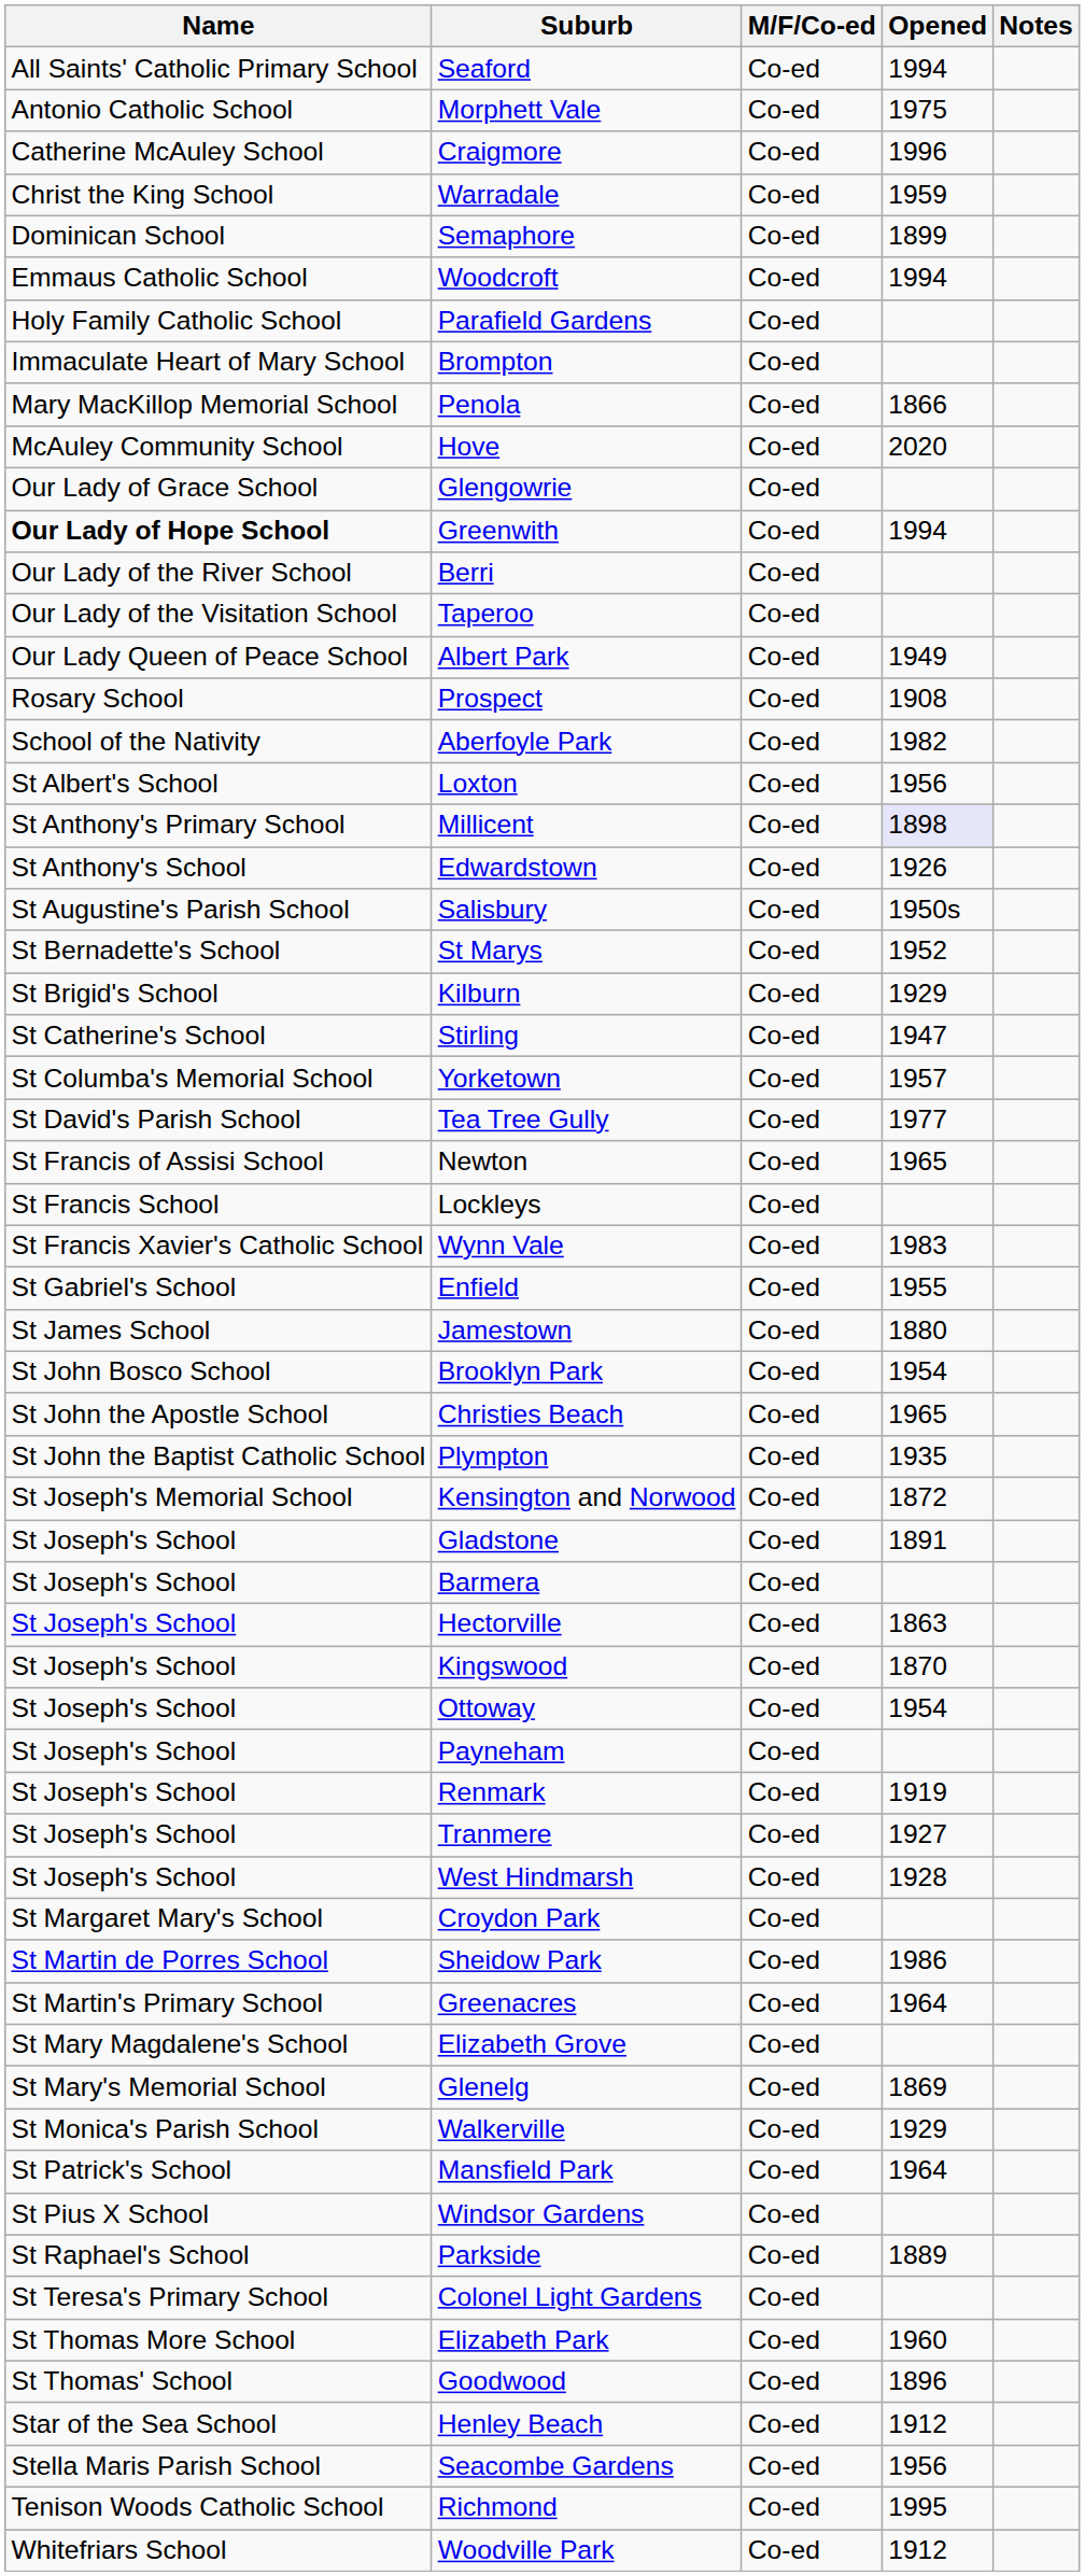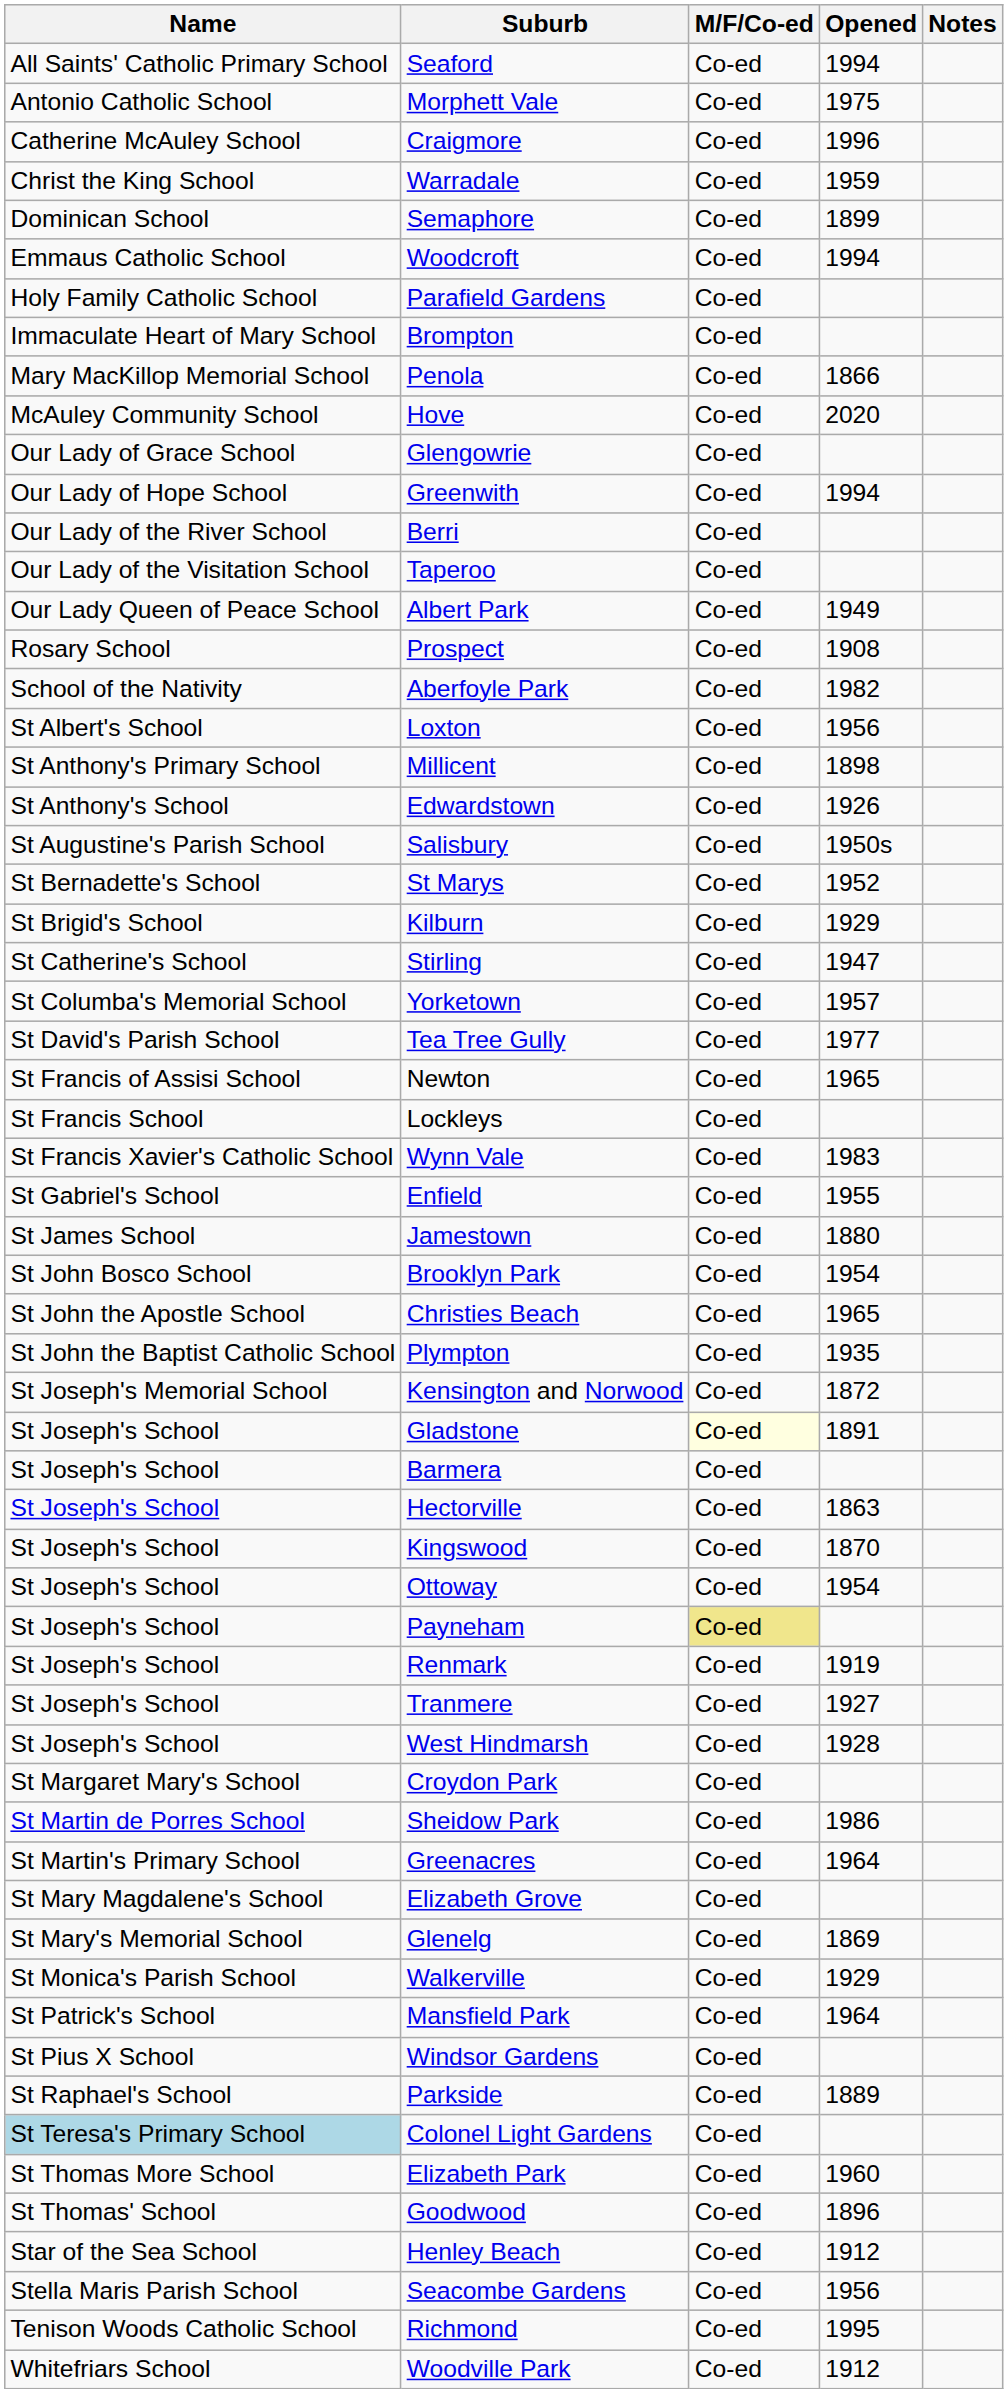 <table class="wikitable sortable">
 <tr>
 <th>Name</th>
 <th>Suburb</th>
 <th>M/F/Co-ed</th>
 <th>Opened</th>
 <th>Notes</th>
 </tr>
 <tr>
 <td>All Saints' Catholic Primary School</td>
 <td><a href='#'>Seaford</a></td>
 <td>Co-ed</td>
 <td>1994</td>
 <td></td>
 </tr>
 <tr>
 <td>Antonio Catholic School</td>
 <td><a href='#'>Morphett Vale</a></td>
 <td>Co-ed</td>
 <td>1975</td>
 <td></td>
 </tr>
 <tr>
 <td>Catherine McAuley School</td>
 <td><a href='#'>Craigmore</a></td>
 <td>Co-ed</td>
 <td>1996</td>
 <td></td>
 </tr>
 <tr>
 <td>Christ the King School</td>
 <td><a href='#'>Warradale</a></td>
 <td>Co-ed</td>
 <td>1959</td>
 <td></td>
 </tr>
 <tr>
 <td>Dominican School</td>
 <td><a href='#'>Semaphore</a></td>
 <td>Co-ed</td>
 <td>1899</td>
 <td></td>
 </tr>
 <tr>
 <td>Emmaus Catholic School</td>
 <td><a href='#'>Woodcroft</a></td>
 <td>Co-ed</td>
 <td>1994</td>
 <td></td>
 </tr>
 <tr>
 <td>Holy Family Catholic School</td>
 <td><a href='#'>Parafield Gardens</a></td>
 <td>Co-ed</td>
 <td></td>
 <td></td>
 </tr>
 <tr>
 <td>Immaculate Heart of Mary School</td>
 <td><a href='#'>Brompton</a></td>
 <td>Co-ed</td>
 <td></td>
 <td></td>
 </tr>
 <tr>
 <td>Mary MacKillop Memorial School</td>
 <td><a href='#'>Penola</a></td>
 <td>Co-ed</td>
 <td>1866</td>
 <td></td>
 </tr>
 <tr>
 <td>McAuley Community School</td>
 <td><a href='#'>Hove</a></td>
 <td>Co-ed</td>
 <td>2020</td>
 <td></td>
 </tr>
 <tr>
 <td>Our Lady of Grace School</td>
 <td><a href='#'>Glengowrie</a></td>
 <td>Co-ed</td>
 <td></td>
 <td></td>
 </tr>
 <tr>
-<td><strong>Our Lady of Hope School</strong></td>
+<td>Our Lady of Hope School</td>
 <td><a href='#'>Greenwith</a></td>
 <td>Co-ed</td>
 <td>1994</td>
 <td></td>
 </tr>
 <tr>
 <td>Our Lady of the River School</td>
 <td><a href='#'>Berri</a></td>
 <td>Co-ed</td>
 <td></td>
 <td></td>
 </tr>
 <tr>
 <td>Our Lady of the Visitation School</td>
 <td><a href='#'>Taperoo</a></td>
 <td>Co-ed</td>
 <td></td>
 <td></td>
 </tr>
 <tr>
 <td>Our Lady Queen of Peace School</td>
 <td><a href='#'>Albert Park</a></td>
 <td>Co-ed</td>
 <td>1949</td>
 <td></td>
 </tr>
 <tr>
 <td>Rosary School</td>
 <td><a href='#'>Prospect</a></td>
 <td>Co-ed</td>
 <td>1908</td>
 <td></td>
 </tr>
 <tr>
 <td>School of the Nativity</td>
 <td><a href='#'>Aberfoyle Park</a></td>
 <td>Co-ed</td>
 <td>1982</td>
 <td></td>
 </tr>
 <tr>
 <td>St Albert's School</td>
 <td><a href='#'>Loxton</a></td>
 <td>Co-ed</td>
 <td>1956</td>
 <td></td>
 </tr>
 <tr>
 <td>St Anthony's Primary School</td>
 <td><a href='#'>Millicent</a></td>
 <td>Co-ed</td>
-<td style="background: lavender;">1898</td>
+<td>1898</td>
 <td></td>
 </tr>
 <tr>
 <td>St Anthony's School</td>
 <td><a href='#'>Edwardstown</a></td>
 <td>Co-ed</td>
 <td>1926</td>
 <td></td>
 </tr>
 <tr>
 <td>St Augustine's Parish School</td>
 <td><a href='#'>Salisbury</a></td>
 <td>Co-ed</td>
 <td>1950s</td>
 <td></td>
 </tr>
 <tr>
 <td>St Bernadette's School</td>
 <td><a href='#'>St Marys</a></td>
 <td>Co-ed</td>
 <td>1952</td>
 <td></td>
 </tr>
 <tr>
 <td>St Brigid's School</td>
 <td><a href='#'>Kilburn</a></td>
 <td>Co-ed</td>
 <td>1929</td>
 <td></td>
 </tr>
 <tr>
 <td>St Catherine's School</td>
 <td><a href='#'>Stirling</a></td>
 <td>Co-ed</td>
 <td>1947</td>
 <td></td>
 </tr>
 <tr>
 <td>St Columba's Memorial School</td>
 <td><a href='#'>Yorketown</a></td>
 <td>Co-ed</td>
 <td>1957</td>
 <td></td>
 </tr>
 <tr>
 <td>St David's Parish School</td>
 <td><a href='#'>Tea Tree Gully</a></td>
 <td>Co-ed</td>
 <td>1977</td>
 <td></td>
 </tr>
 <tr>
 <td>St Francis of Assisi School</td>
 <td>Newton</td>
 <td>Co-ed</td>
 <td>1965</td>
 <td></td>
 </tr>
 <tr>
 <td>St Francis School</td>
 <td>Lockleys</td>
 <td>Co-ed</td>
 <td></td>
 <td></td>
 </tr>
 <tr>
 <td>St Francis Xavier's Catholic School</td>
 <td><a href='#'>Wynn Vale</a></td>
 <td>Co-ed</td>
 <td>1983</td>
 <td></td>
 </tr>
 <tr>
 <td>St Gabriel's School</td>
 <td><a href='#'>Enfield</a></td>
 <td>Co-ed</td>
 <td>1955</td>
 <td></td>
 </tr>
 <tr>
 <td>St James School</td>
 <td><a href='#'>Jamestown</a></td>
 <td>Co-ed</td>
 <td>1880</td>
 <td></td>
 </tr>
 <tr>
 <td>St John Bosco School</td>
 <td><a href='#'>Brooklyn Park</a></td>
 <td>Co-ed</td>
 <td>1954</td>
 <td></td>
 </tr>
 <tr>
 <td>St John the Apostle School</td>
 <td><a href='#'>Christies Beach</a></td>
 <td>Co-ed</td>
 <td>1965</td>
 <td></td>
 </tr>
 <tr>
 <td>St John the Baptist Catholic School</td>
 <td><a href='#'>Plympton</a></td>
 <td>Co-ed</td>
 <td>1935</td>
 <td></td>
 </tr>
 <tr>
 <td>St Joseph's Memorial School</td>
 <td><a href='#'>Kensington</a> and <a href='#'>Norwood</a></td>
 <td>Co-ed</td>
 <td>1872</td>
 <td></td>
 </tr>
 <tr>
 <td>St Joseph's School</td>
 <td><a href='#'>Gladstone</a></td>
-<td>Co-ed</td>
+<td style="background: lightyellow;">Co-ed</td>
 <td>1891</td>
 <td></td>
 </tr>
 <tr>
 <td>St Joseph's School</td>
 <td><a href='#'>Barmera</a></td>
 <td>Co-ed</td>
 <td></td>
 <td></td>
 </tr>
 <tr>
 <td><a href='#'>St Joseph's School</a></td>
 <td><a href='#'>Hectorville</a></td>
 <td>Co-ed</td>
 <td>1863</td>
 <td></td>
 </tr>
 <tr>
 <td>St Joseph's School</td>
 <td><a href='#'>Kingswood</a></td>
 <td>Co-ed</td>
 <td>1870</td>
 <td></td>
 </tr>
 <tr>
 <td>St Joseph's School</td>
 <td><a href='#'>Ottoway</a></td>
 <td>Co-ed</td>
 <td>1954</td>
 <td></td>
 </tr>
 <tr>
 <td>St Joseph's School</td>
 <td><a href='#'>Payneham</a></td>
-<td>Co-ed</td>
+<td style="background: khaki;">Co-ed</td>
 <td></td>
 <td></td>
 </tr>
 <tr>
 <td>St Joseph's School</td>
 <td><a href='#'>Renmark</a></td>
 <td>Co-ed</td>
 <td>1919</td>
 <td></td>
 </tr>
 <tr>
 <td>St Joseph's School</td>
 <td><a href='#'>Tranmere</a></td>
 <td>Co-ed</td>
 <td>1927</td>
 <td></td>
 </tr>
 <tr>
 <td>St Joseph's School</td>
 <td><a href='#'>West Hindmarsh</a></td>
 <td>Co-ed</td>
 <td>1928</td>
 <td></td>
 </tr>
 <tr>
 <td>St Margaret Mary's School</td>
 <td><a href='#'>Croydon Park</a></td>
 <td>Co-ed</td>
 <td></td>
 <td></td>
 </tr>
 <tr>
 <td><a href='#'>St Martin de Porres School</a></td>
 <td><a href='#'>Sheidow Park</a></td>
 <td>Co-ed</td>
 <td>1986</td>
 <td></td>
 </tr>
 <tr>
 <td>St Martin's Primary School</td>
 <td><a href='#'>Greenacres</a></td>
 <td>Co-ed</td>
 <td>1964</td>
 <td></td>
 </tr>
 <tr>
 <td>St Mary Magdalene's School</td>
 <td><a href='#'>Elizabeth Grove</a></td>
 <td>Co-ed</td>
 <td></td>
 <td></td>
 </tr>
 <tr>
 <td>St Mary's Memorial School</td>
 <td><a href='#'>Glenelg</a></td>
 <td>Co-ed</td>
 <td>1869</td>
 <td></td>
 </tr>
 <tr>
 <td>St Monica's Parish School</td>
 <td><a href='#'>Walkerville</a></td>
 <td>Co-ed</td>
 <td>1929</td>
 <td></td>
 </tr>
 <tr>
 <td>St Patrick's School</td>
 <td><a href='#'>Mansfield Park</a></td>
 <td>Co-ed</td>
 <td>1964</td>
 <td></td>
 </tr>
 <tr>
 <td>St Pius X School</td>
 <td><a href='#'>Windsor Gardens</a></td>
 <td>Co-ed</td>
 <td></td>
 <td></td>
 </tr>
 <tr>
 <td>St Raphael's School</td>
 <td><a href='#'>Parkside</a></td>
 <td>Co-ed</td>
 <td>1889</td>
 <td></td>
 </tr>
 <tr>
-<td>St Teresa's Primary School</td>
+<td style="background: lightblue;">St Teresa's Primary School</td>
 <td><a href='#'>Colonel Light Gardens</a></td>
 <td>Co-ed</td>
 <td></td>
 <td></td>
 </tr>
 <tr>
 <td>St Thomas More School</td>
 <td><a href='#'>Elizabeth Park</a></td>
 <td>Co-ed</td>
 <td>1960</td>
 <td></td>
 </tr>
 <tr>
 <td>St Thomas' School</td>
 <td><a href='#'>Goodwood</a></td>
 <td>Co-ed</td>
 <td>1896</td>
 <td></td>
 </tr>
 <tr>
 <td>Star of the Sea School</td>
 <td><a href='#'>Henley Beach</a></td>
 <td>Co-ed</td>
 <td>1912</td>
 <td></td>
 </tr>
 <tr>
 <td>Stella Maris Parish School</td>
 <td><a href='#'>Seacombe Gardens</a></td>
 <td>Co-ed</td>
 <td>1956</td>
 <td></td>
 </tr>
 <tr>
 <td>Tenison Woods Catholic School</td>
 <td><a href='#'>Richmond</a></td>
 <td>Co-ed</td>
 <td>1995</td>
 <td></td>
 </tr>
 <tr>
 <td>Whitefriars School</td>
 <td><a href='#'>Woodville Park</a></td>
 <td>Co-ed</td>
 <td>1912</td>
 <td></td>
 </tr>
 </table>
